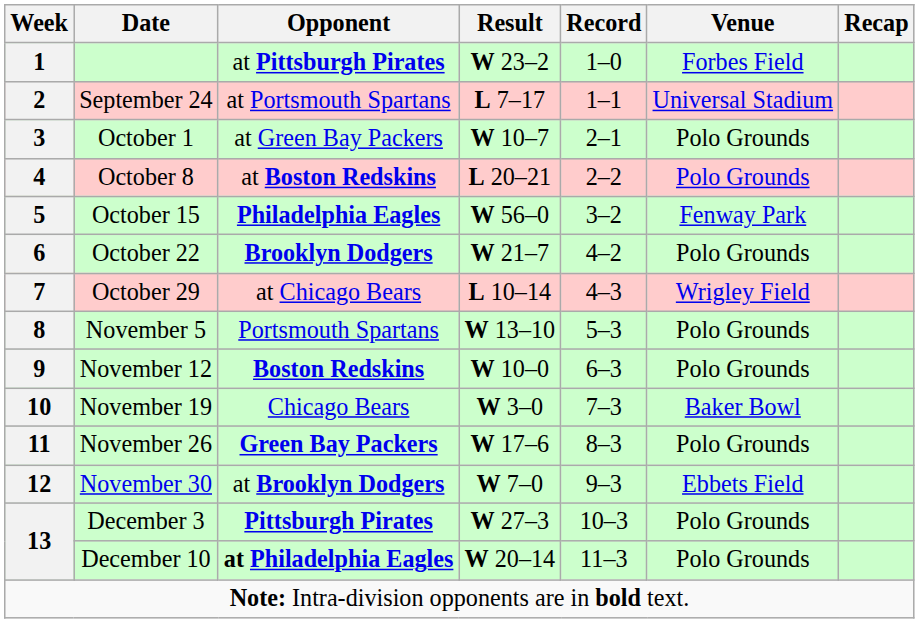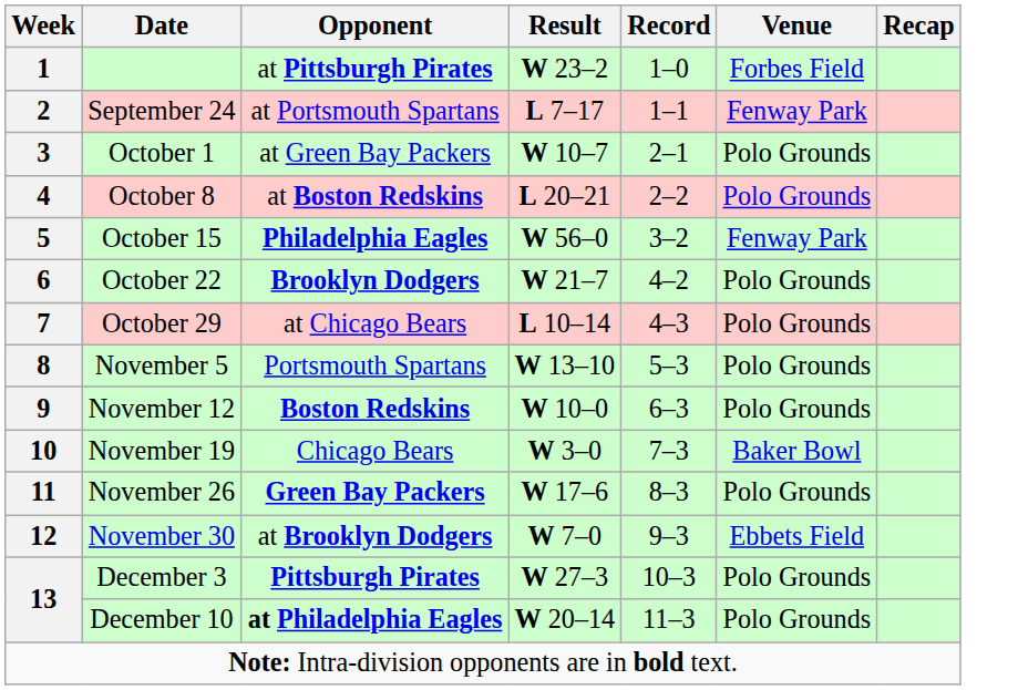 <table class="wikitable" style="text-align:center">
 <tr>
 <th>Week</th>
 <th>Date</th>
 <th>Opponent</th>
 <th>Result</th>
 <th>Record</th>
 <th>Venue</th>
 <th>Recap</th>
 </tr>
 <tr style="background:#cfc">
 <th>1</th>
 <td></td>
 <td>at <strong><a href='#'>Pittsburgh Pirates</a></strong></td>
 <td><strong>W</strong> 23–2</td>
 <td>1–0</td>
 <td><a href='#'>Forbes Field</a></td>
 <td></td>
 </tr>
 <tr style="background:#fcc">
 <th>2</th>
 <td>September 24</td>
 <td>at <a href='#'>Portsmouth Spartans</a></td>
 <td><strong>L</strong> 7–17</td>
 <td>1–1</td>
-<td><a href='#'>Universal Stadium</a></td>
+<td><a href='#'>Fenway Park</a></td>
 <td></td>
 </tr>
 <tr style="background:#cfc">
 <th>3</th>
 <td>October 1</td>
 <td>at <a href='#'>Green Bay Packers</a></td>
 <td><strong>W</strong> 10–7</td>
 <td>2–1</td>
 <td>Polo Grounds</td>
 <td></td>
 </tr>
 <tr style="background:#fcc">
 <th>4</th>
 <td>October 8</td>
 <td>at <strong><a href='#'>Boston Redskins</a></strong></td>
 <td><strong>L</strong> 20–21</td>
 <td>2–2</td>
 <td><a href='#'>Polo Grounds</a></td>
 <td></td>
 </tr>
 <tr style="background:#cfc">
 <th>5</th>
 <td>October 15</td>
 <td><strong><a href='#'>Philadelphia Eagles</a></strong></td>
 <td><strong>W</strong> 56–0</td>
 <td>3–2</td>
 <td><a href='#'>Fenway Park</a></td>
 <td></td>
 </tr>
 <tr style="background:#cfc">
 <th>6</th>
 <td>October 22</td>
 <td><strong><a href='#'>Brooklyn Dodgers</a></strong></td>
 <td><strong>W</strong> 21–7</td>
 <td>4–2</td>
 <td>Polo Grounds</td>
 <td></td>
 </tr>
 <tr style="background:#fcc">
 <th>7</th>
 <td>October 29</td>
 <td>at <a href='#'>Chicago Bears</a></td>
 <td><strong>L</strong> 10–14</td>
 <td>4–3</td>
-<td><a href='#'>Wrigley Field</a></td>
+<td>Polo Grounds</td>
 <td></td>
 </tr>
 <tr style="background:#cfc">
 <th>8</th>
 <td>November 5</td>
 <td><a href='#'>Portsmouth Spartans</a></td>
 <td><strong>W</strong> 13–10</td>
 <td>5–3</td>
 <td>Polo Grounds</td>
 <td></td>
 </tr>
 <tr style="background:#cfc">
 <th>9</th>
 <td>November 12</td>
 <td><strong><a href='#'>Boston Redskins</a></strong></td>
 <td><strong>W</strong> 10–0</td>
 <td>6–3</td>
 <td>Polo Grounds</td>
 <td></td>
 </tr>
 <tr style="background:#cfc">
 <th>10</th>
 <td>November 19</td>
 <td><a href='#'>Chicago Bears</a></td>
 <td><strong>W</strong> 3–0</td>
 <td>7–3</td>
 <td><a href='#'>Baker Bowl</a></td>
 <td></td>
 </tr>
 <tr style="background:#cfc">
 <th>11</th>
 <td>November 26</td>
 <td><strong><a href='#'>Green Bay Packers</a></strong></td>
 <td><strong>W</strong> 17–6</td>
 <td>8–3</td>
 <td>Polo Grounds</td>
 <td></td>
 </tr>
 <tr style="background:#cfc">
 <th>12</th>
 <td><a href='#'>November 30</a></td>
 <td>at <strong><a href='#'>Brooklyn Dodgers</a></strong></td>
 <td><strong>W</strong> 7–0</td>
 <td>9–3</td>
 <td><a href='#'>Ebbets Field</a></td>
 <td></td>
 </tr>
 <tr style="background:#cfc">
 <th rowspan="2">13</th>
 <td>December 3</td>
 <td><strong><a href='#'>Pittsburgh Pirates</a></strong></td>
 <td><strong>W</strong> 27–3</td>
 <td>10–3</td>
 <td>Polo Grounds</td>
 <td></td>
 </tr>
 <tr style="background:#cfc">
 <td>December 10</td>
 <td><strong>at <a href='#'>Philadelphia Eagles</a></strong></td>
 <td><strong>W</strong> 20–14</td>
 <td>11–3</td>
 <td>Polo Grounds</td>
 <td></td>
 </tr>
 <tr>
 <td colspan="8"><strong>Note:</strong> Intra-division opponents are in <strong>bold</strong> text.</td>
 </tr>
 </table>
